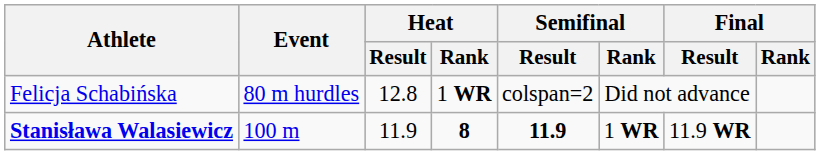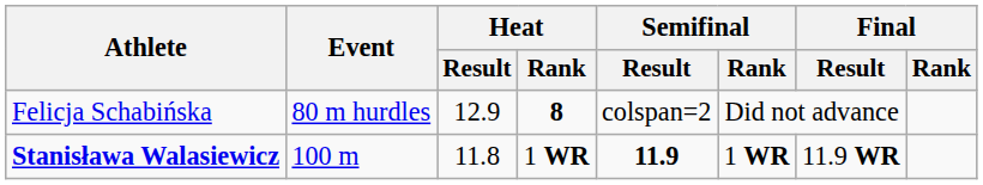 <table class="wikitable" style="font-size:90%">
 <tr>
 <th rowspan="2">Athlete</th>
 <th rowspan="2">Event</th>
 <th colspan="2">Heat</th>
 <th colspan="2">Semifinal</th>
 <th colspan="2">Final</th>
 </tr>
 <tr style="font-size:95%">
 <th>Result</th>
 <th>Rank</th>
 <th>Result</th>
 <th>Rank</th>
 <th>Result</th>
 <th>Rank</th>
 </tr>
 <tr align=center>
 <td align=left><a href='#'>Felicja Schabińska</a></td>
 <td align=left><a href='#'>80 m hurdles</a></td>
-<td>12.8</td>
-<td>1 <strong>WR</strong></td>
+<td>12.9</td>
+<td><strong>8</strong></td>
 <td>colspan=2 </td>
 <td colspan=2>Did not advance</td>
 </tr>
 <tr align=center>
 <td align=left><strong><a href='#'>Stanisława Walasiewicz</a></strong></td>
 <td align=left rowspan=2><a href='#'>100 m</a></td>
-<td>11.9</td>
-<td><strong>8</strong></td>
+<td>11.8</td>
+<td>1 <strong>WR</strong></td>
 <td><strong>11.9</strong></td>
 <td>1 <strong>WR</strong></td>
 <td>11.9 <strong>WR</strong></td>
 <td></td>
 </tr>
 </table>
